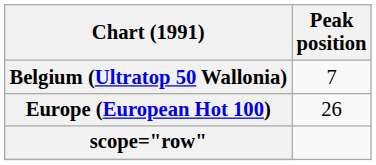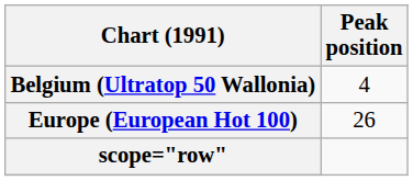 <table class="wikitable sortable plainrowheaders">
 <tr>
 <th>Chart (1991)</th>
 <th>Peak<br>position</th>
 </tr>
 <tr>
 <th scope="row">Belgium (<a href='#'>Ultratop 50</a> Wallonia)</th>
-<td align="center">7</td>
+<td align="center">4</td>
 </tr>
 <tr>
 <th scope="row">Europe (<a href='#'>European Hot 100</a>)</th>
 <td align="center">26</td>
 </tr>
 <tr>
 <th>scope="row"</th>
 </tr>
 <tr>
 </tr>
 </table>
